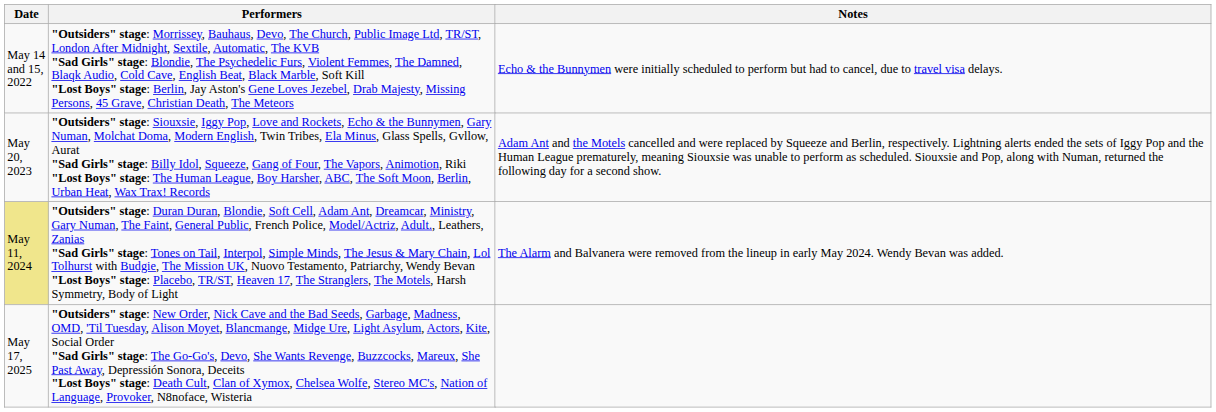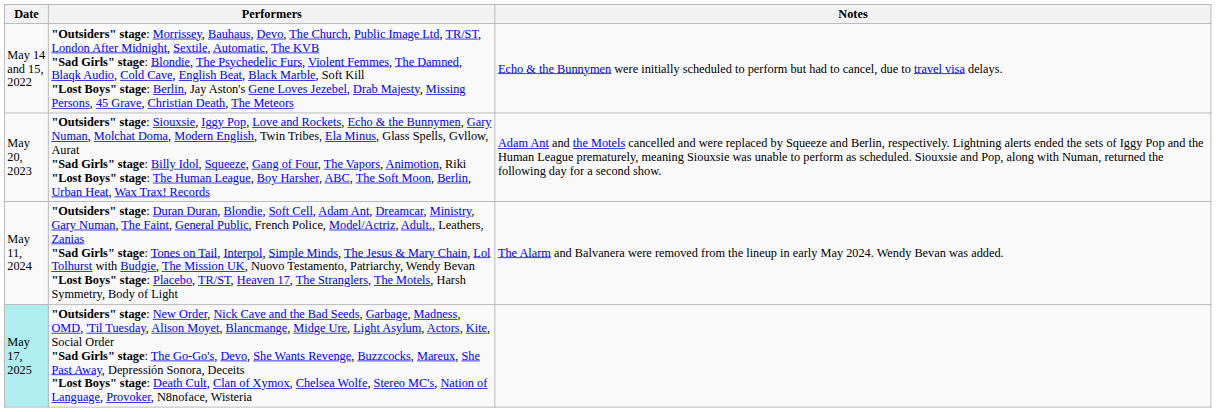 <table class="wikitable">
 <tr>
 <th width=50px>Date</th>
 <th colspan=10>Performers</th>
 <th colspan=10>Notes</th>
 </tr>
 <tr>
 <td>May 14 and 15, 2022</td>
 <td colspan=10><strong>"Outsiders" stage</strong>: <a href='#'>Morrissey</a>, <a href='#'>Bauhaus</a>, <a href='#'>Devo</a>, <a href='#'>The Church</a>, <a href='#'>Public Image Ltd</a>, <a href='#'>TR/ST</a>, <a href='#'>London After Midnight</a>, <a href='#'>Sextile</a>, <a href='#'>Automatic</a>, <a href='#'>The KVB</a><br><strong>"Sad Girls" stage</strong>: <a href='#'>Blondie</a>, <a href='#'>The Psychedelic Furs</a>, <a href='#'>Violent Femmes</a>, <a href='#'>The Damned</a>, <a href='#'>Blaqk Audio</a>, <a href='#'>Cold Cave</a>, <a href='#'>English Beat</a>, <a href='#'>Black Marble</a>, Soft Kill<br><strong>"Lost Boys" stage</strong>: <a href='#'>Berlin</a>, Jay Aston's <a href='#'>Gene Loves Jezebel</a>, <a href='#'>Drab Majesty</a>, <a href='#'>Missing Persons</a>, <a href='#'>45 Grave</a>, <a href='#'>Christian Death</a>, <a href='#'>The Meteors</a></td>
 <td colspan=10><a href='#'>Echo & the Bunnymen</a> were initially scheduled to perform but had to cancel, due to <a href='#'>travel visa</a> delays.</td>
 </tr>
 <tr>
 <td>May 20, 2023</td>
 <td colspan=10><strong>"Outsiders" stage</strong>: <a href='#'>Siouxsie</a>, <a href='#'>Iggy Pop</a>, <a href='#'>Love and Rockets</a>, <a href='#'>Echo & the Bunnymen</a>, <a href='#'>Gary Numan</a>, <a href='#'>Molchat Doma</a>, <a href='#'>Modern English</a>, Twin Tribes, <a href='#'>Ela Minus</a>, Glass Spells, Gvllow, Aurat<br><strong>"Sad Girls" stage</strong>: <a href='#'>Billy Idol</a>, <a href='#'>Squeeze</a>, <a href='#'>Gang of Four</a>, <a href='#'>The Vapors</a>, <a href='#'>Animotion</a>, Riki<br><strong>"Lost Boys" stage</strong>: <a href='#'>The Human League</a>, <a href='#'>Boy Harsher</a>, <a href='#'>ABC</a>, <a href='#'>The Soft Moon</a>, <a href='#'>Berlin</a>, <a href='#'>Urban Heat</a>, <a href='#'>Wax Trax! Records</a></td>
 <td colspan=10><a href='#'>Adam Ant</a> and <a href='#'>the Motels</a> cancelled and were replaced by Squeeze and Berlin, respectively. Lightning alerts ended the sets of Iggy Pop and the Human League prematurely, meaning Siouxsie was unable to perform as scheduled. Siouxsie and Pop, along with Numan, returned the following day for a second show.</td>
 </tr>
 <tr>
-<td style="background: khaki;">May 11, 2024</td>
+<td>May 11, 2024</td>
 <td colspan=10><strong>"Outsiders" stage</strong>: <a href='#'>Duran Duran</a>, <a href='#'>Blondie</a>, <a href='#'>Soft Cell</a>, <a href='#'>Adam Ant</a>, <a href='#'>Dreamcar</a>, <a href='#'>Ministry</a>, <a href='#'>Gary Numan</a>, <a href='#'>The Faint</a>, <a href='#'>General Public</a>, French Police, <a href='#'>Model/Actriz</a>, <a href='#'>Adult.</a>, Leathers, <a href='#'>Zanias</a><br><strong>"Sad Girls" stage</strong>: <a href='#'>Tones on Tail</a>, <a href='#'>Interpol</a>,  <a href='#'>Simple Minds</a>, <a href='#'>The Jesus & Mary Chain</a>, <a href='#'>Lol Tolhurst</a> with <a href='#'>Budgie</a>, <a href='#'>The Mission UK</a>, Nuovo Testamento, Patriarchy,  Wendy Bevan<br><strong>"Lost Boys" stage</strong>: <a href='#'>Placebo</a>, <a href='#'>TR/ST</a>, <a href='#'>Heaven 17</a>, <a href='#'>The Stranglers</a>, <a href='#'>The Motels</a>, Harsh Symmetry, Body of Light</td>
 <td colspan=10><a href='#'>The Alarm</a> and Balvanera were removed from the lineup in early May 2024. Wendy Bevan was added.</td>
 </tr>
 <tr>
-<td>May 17, 2025</td>
+<td style="background: paleturquoise;">May 17, 2025</td>
 <td colspan=10><strong>"Outsiders" stage</strong>: <a href='#'>New Order</a>, <a href='#'>Nick Cave and the Bad Seeds</a>, <a href='#'>Garbage</a>, <a href='#'>Madness</a>, <a href='#'>OMD</a>, <a href='#'>'Til Tuesday</a>, <a href='#'>Alison Moyet</a>, <a href='#'>Blancmange</a>, <a href='#'>Midge Ure</a>, <a href='#'>Light Asylum</a>, <a href='#'>Actors</a>, <a href='#'>Kite</a>, Social Order<br><strong>"Sad Girls" stage</strong>: <a href='#'>The Go-Go's</a>, <a href='#'>Devo</a>, <a href='#'>She Wants Revenge</a>, <a href='#'>Buzzcocks</a>, <a href='#'>Mareux</a>, <a href='#'>She Past Away</a>, Depressión Sonora, Deceits<br><strong>"Lost Boys" stage</strong>: <a href='#'>Death Cult</a>, <a href='#'>Clan of Xymox</a>, <a href='#'>Chelsea Wolfe</a>, <a href='#'>Stereo MC's</a>, <a href='#'>Nation of Language</a>, <a href='#'>Provoker</a>, N8noface, Wisteria</td>
 </tr>
 </table>
